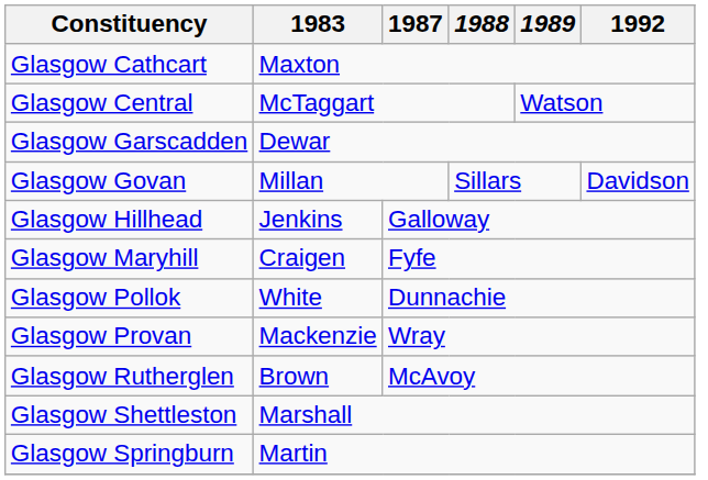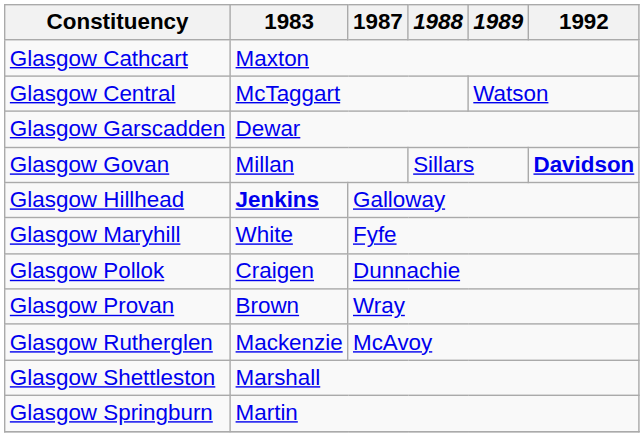 <table class="wikitable">
 <tr>
 <th>Constituency</th>
 <th>1983</th>
 <th>1987</th>
 <th><em>1988</em></th>
 <th><em>1989</em></th>
 <th>1992</th>
 </tr>
 <tr>
 <td><a href='#'>Glasgow Cathcart</a></td>
 <td colspan="5"><a href='#'>Maxton</a></td>
 </tr>
 <tr>
 <td><a href='#'>Glasgow Central</a></td>
 <td colspan="3"><a href='#'>McTaggart</a></td>
 <td colspan="2"><a href='#'>Watson</a></td>
 </tr>
 <tr>
 <td><a href='#'>Glasgow Garscadden</a></td>
 <td colspan="5"><a href='#'>Dewar</a></td>
 </tr>
 <tr>
 <td><a href='#'>Glasgow Govan</a></td>
 <td colspan="2"><a href='#'>Millan</a></td>
 <td colspan="2"><a href='#'>Sillars</a></td>
-<td><a href='#'>Davidson</a></td>
+<td><strong><a href='#'>Davidson</a></strong></td>
 </tr>
 <tr>
 <td><a href='#'>Glasgow Hillhead</a></td>
-<td><a href='#'>Jenkins</a></td>
+<td><strong><a href='#'>Jenkins</a></strong></td>
 <td colspan="4"><a href='#'>Galloway</a></td>
 </tr>
 <tr>
 <td><a href='#'>Glasgow Maryhill</a></td>
-<td><a href='#'>Craigen</a></td>
+<td><a href='#'>White</a></td>
 <td colspan="4"><a href='#'>Fyfe</a></td>
 </tr>
 <tr>
 <td><a href='#'>Glasgow Pollok</a></td>
-<td><a href='#'>White</a></td>
+<td><a href='#'>Craigen</a></td>
 <td colspan="4"><a href='#'>Dunnachie</a></td>
 </tr>
 <tr>
 <td><a href='#'>Glasgow Provan</a></td>
-<td><a href='#'>Mackenzie</a></td>
+<td><a href='#'>Brown</a></td>
 <td colspan="4"><a href='#'>Wray</a></td>
 </tr>
 <tr>
 <td><a href='#'>Glasgow Rutherglen</a></td>
-<td><a href='#'>Brown</a></td>
+<td><a href='#'>Mackenzie</a></td>
 <td colspan="4"><a href='#'>McAvoy</a></td>
 </tr>
 <tr>
 <td><a href='#'>Glasgow Shettleston</a></td>
 <td colspan="5"><a href='#'>Marshall</a></td>
 </tr>
 <tr>
 <td><a href='#'>Glasgow Springburn</a></td>
 <td colspan="5"><a href='#'>Martin</a></td>
 </tr>
 <tr>
 </tr>
 </table>
